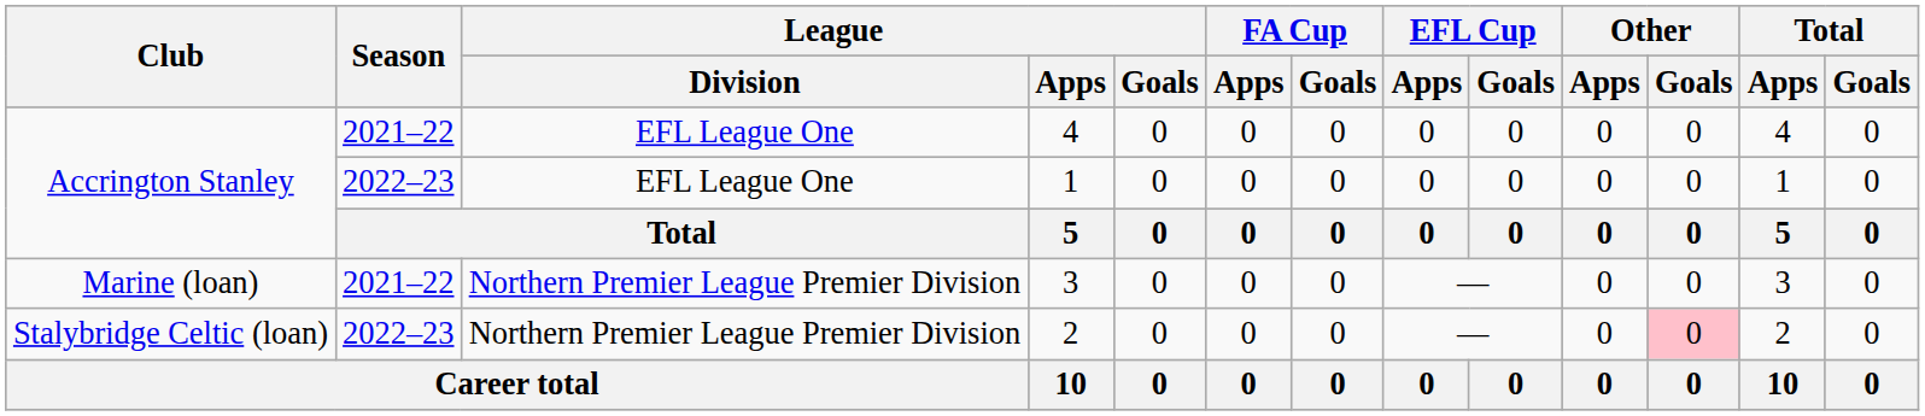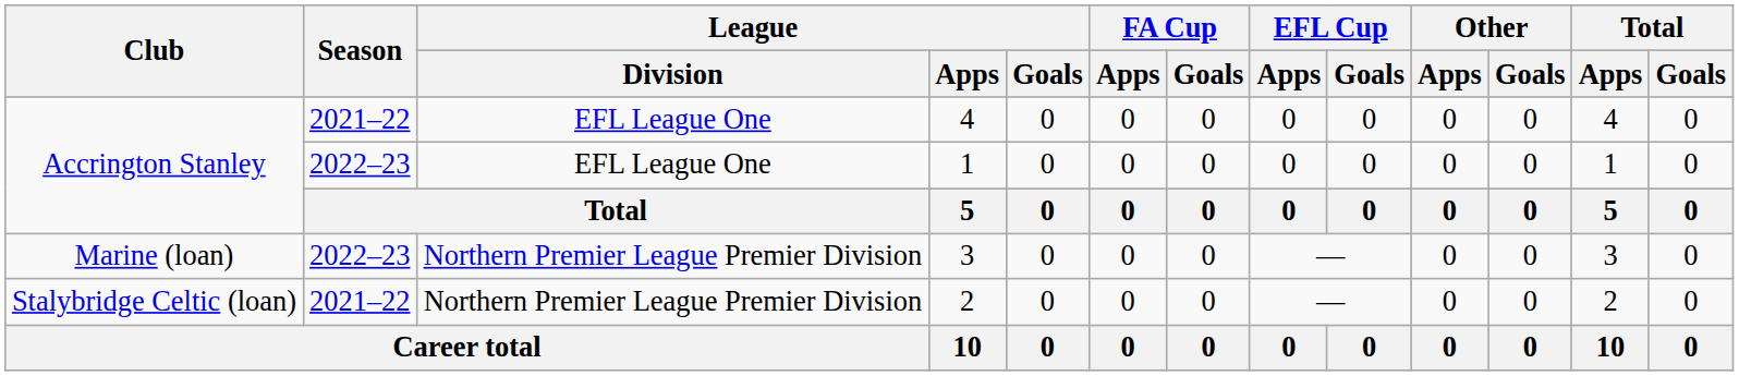 <table class="wikitable" style="text-align:center;">
 <tr>
 <th rowspan="2">Club</th>
 <th rowspan="2">Season</th>
 <th colspan="3">League</th>
 <th colspan="2"><a href='#'>FA Cup</a></th>
 <th colspan="2"><a href='#'>EFL Cup</a></th>
 <th colspan="2">Other</th>
 <th colspan="2">Total</th>
 </tr>
 <tr>
 <th>Division</th>
 <th>Apps</th>
 <th>Goals</th>
 <th>Apps</th>
 <th>Goals</th>
 <th>Apps</th>
 <th>Goals</th>
 <th>Apps</th>
 <th>Goals</th>
 <th>Apps</th>
 <th>Goals</th>
 </tr>
 <tr>
 <td rowspan="3"><a href='#'>Accrington Stanley</a></td>
 <td><a href='#'>2021–22</a></td>
 <td><a href='#'>EFL League One</a></td>
 <td>4</td>
 <td>0</td>
 <td>0</td>
 <td>0</td>
 <td>0</td>
 <td>0</td>
 <td>0</td>
 <td>0</td>
 <td>4</td>
 <td>0</td>
 </tr>
 <tr>
 <td><a href='#'>2022–23</a></td>
 <td>EFL League One</td>
 <td>1</td>
 <td>0</td>
 <td>0</td>
 <td>0</td>
 <td>0</td>
 <td>0</td>
 <td>0</td>
 <td>0</td>
 <td>1</td>
 <td>0</td>
 </tr>
 <tr>
 <th colspan="2">Total</th>
 <th>5</th>
 <th>0</th>
 <th>0</th>
 <th>0</th>
 <th>0</th>
 <th>0</th>
 <th>0</th>
 <th>0</th>
 <th>5</th>
 <th>0</th>
 </tr>
 <tr>
 <td><a href='#'>Marine</a> (loan)</td>
-<td><a href='#'>2021–22</a></td>
+<td><a href='#'>2022–23</a></td>
 <td><a href='#'>Northern Premier League</a> Premier Division</td>
 <td>3</td>
 <td>0</td>
 <td>0</td>
 <td>0</td>
 <td colspan="2">—</td>
 <td>0</td>
 <td>0</td>
 <td>3</td>
 <td>0</td>
 </tr>
 <tr>
 <td><a href='#'>Stalybridge Celtic</a> (loan)</td>
-<td><a href='#'>2022–23</a></td>
+<td><a href='#'>2021–22</a></td>
 <td>Northern Premier League Premier Division</td>
 <td>2</td>
 <td>0</td>
 <td>0</td>
 <td>0</td>
 <td colspan="2">—</td>
 <td>0</td>
-<td style="background: pink;">0</td>
+<td>0</td>
 <td>2</td>
 <td>0</td>
 </tr>
 <tr>
 <th colspan="3">Career total</th>
 <th>10</th>
 <th>0</th>
 <th>0</th>
 <th>0</th>
 <th>0</th>
 <th>0</th>
 <th>0</th>
 <th>0</th>
 <th>10</th>
 <th>0</th>
 </tr>
 </table>
